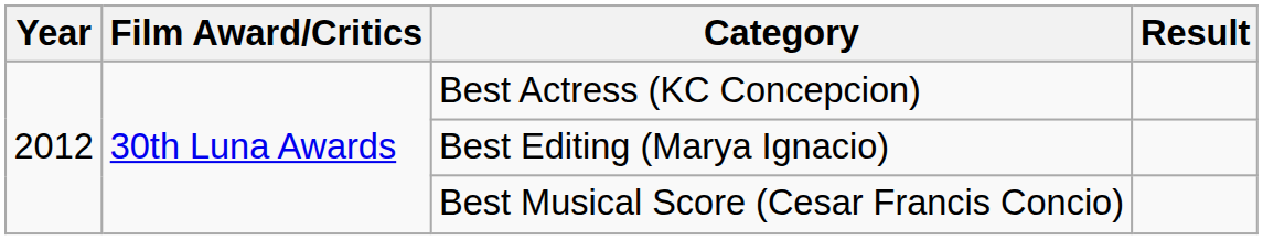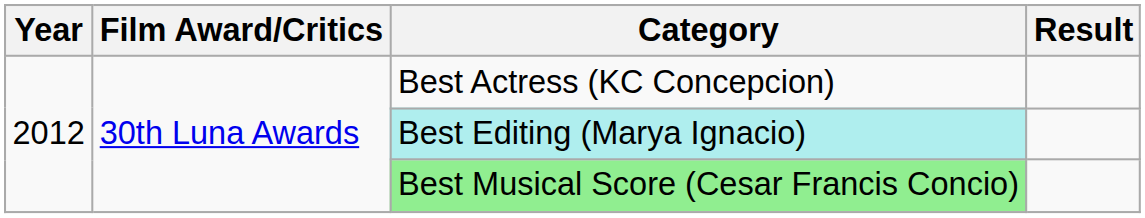 <table class="wikitable">
 <tr>
 <th>Year</th>
 <th>Film Award/Critics</th>
 <th>Category</th>
 <th>Result</th>
 </tr>
 <tr>
 <td rowspan=3>2012</td>
 <td rowspan=3><a href='#'>30th Luna Awards</a></td>
 <td>Best Actress (KC Concepcion)</td>
 <td></td>
 </tr>
 <tr>
-<td>Best Editing (Marya Ignacio)</td>
+<td style="background: paleturquoise;">Best Editing (Marya Ignacio)</td>
 <td></td>
 </tr>
 <tr>
-<td>Best Musical Score (Cesar Francis Concio)</td>
+<td style="background: lightgreen;">Best Musical Score (Cesar Francis Concio)</td>
 <td></td>
 </tr>
 </table>
